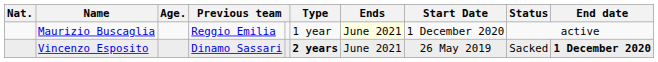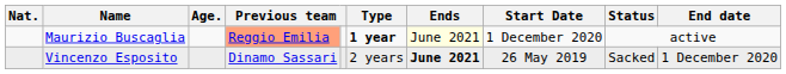 <table class="wikitable sortable">
 <tr>
 <th>Nat.</th>
 <th>Name</th>
 <th>Age.</th>
 <th colspan=2>Previous team</th>
 <th>Type</th>
 <th>Ends</th>
 <th>Start Date</th>
 <th>Status</th>
 <th>End date</th>
 </tr>
 <tr>
 <td style="text-align: center;"></td>
 <td><a href='#'>Maurizio Buscaglia</a></td>
 <td style="text-align: center;"></td>
-<td><a href='#'>Reggio Emilia</a></td>
+<td style="background: lightsalmon;"><a href='#'>Reggio Emilia</a></td>
 <td style="text-align: center;"></td>
-<td>1 year</td>
+<td><strong>1 year</strong></td>
 <td style="background: lightyellow;">June 2021</td>
 <td>1 December 2020</td>
 <td colspan=2 style="text-align: center;">active</td>
 </tr>
 <tr>
 <td style="text-align: center; background-color: #ededed;"></td>
 <td style="background-color: #ededed;"><a href='#'>Vincenzo Esposito</a></td>
 <td style="text-align: center; background-color: #ededed;"></td>
 <td style="background-color: #ededed;"><a href='#'>Dinamo Sassari</a></td>
 <td style="text-align: center; background-color: #ededed;"></td>
-<td style="text-align: center; background-color: #ededed;"><strong>2 years</strong></td>
-<td style="text-align: center; background-color: #ededed;">June 2021</td>
+<td style="text-align: center; background-color: #ededed;">2 years</td>
+<td style="text-align: center; background-color: #ededed;"><strong>June 2021</strong></td>
 <td style="text-align: center; background-color: #ededed;">26 May 2019</td>
 <td style="background-color: #ededed;">Sacked</td>
-<td style="text-align: center; background-color: #ededed;"><strong>1 December 2020</strong></td>
+<td style="text-align: center; background-color: #ededed;">1 December 2020</td>
 </tr>
 </table>
